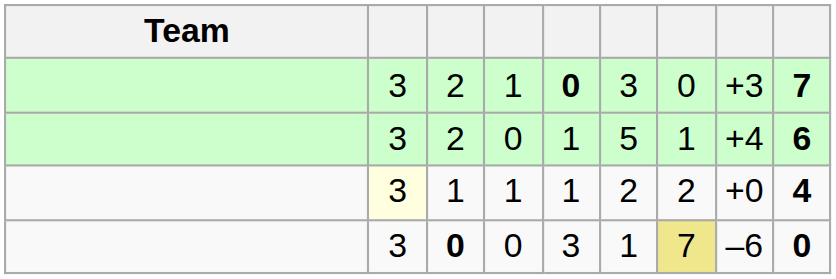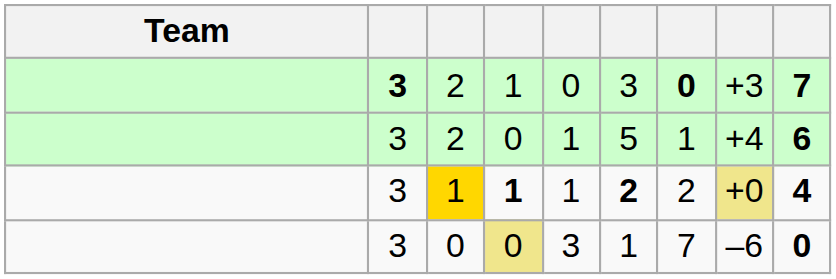 <table class="wikitable" style="text-align:center;">
 <tr>
 <th width="165">Team</th>
 <th width="20"></th>
 <th width="20"></th>
 <th width="20"></th>
 <th width="20"></th>
 <th width="20"></th>
 <th width="20"></th>
 <th width="20"></th>
 <th width="20"><br></th>
 </tr>
 <tr align=center bgcolor="ccffcc">
 <td style="text-align:left;"></td>
-<td>3</td>
+<td><strong>3</strong></td>
 <td>2</td>
 <td>1</td>
+<td>0</td>
+<td>3</td>
 <td><strong>0</strong></td>
-<td>3</td>
-<td>0</td>
 <td>+3</td>
 <td><strong>7</strong></td>
 </tr>
 <tr align=center bgcolor="ccffcc">
 <td style="text-align:left;"></td>
 <td>3</td>
 <td>2</td>
 <td>0</td>
 <td>1</td>
 <td>5</td>
 <td>1</td>
 <td>+4</td>
 <td><strong>6</strong></td>
 </tr>
 <tr>
 <td style="text-align:left;"></td>
-<td style="background: lightyellow;">3</td>
+<td>3</td>
+<td style="background: gold;">1</td>
+<td><strong>1</strong></td>
 <td>1</td>
-<td>1</td>
-<td>1</td>
+<td><strong>2</strong></td>
 <td>2</td>
-<td>2</td>
-<td>+0</td>
+<td style="background: khaki;">+0</td>
 <td><strong>4</strong></td>
 </tr>
 <tr>
 <td style="text-align:left;"></td>
 <td>3</td>
-<td><strong>0</strong></td>
 <td>0</td>
+<td style="background: khaki;">0</td>
 <td>3</td>
 <td>1</td>
-<td style="background: khaki;">7</td>
+<td>7</td>
 <td>–6</td>
 <td><strong>0</strong></td>
 </tr>
 </table>
